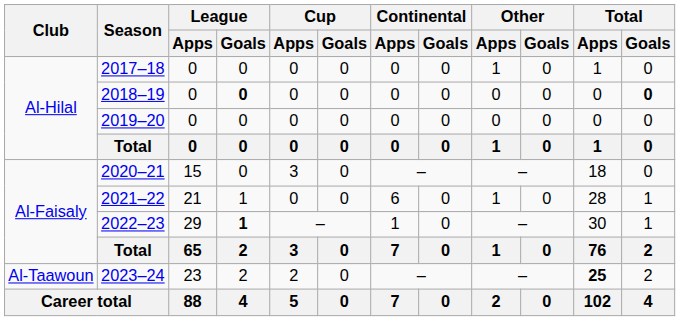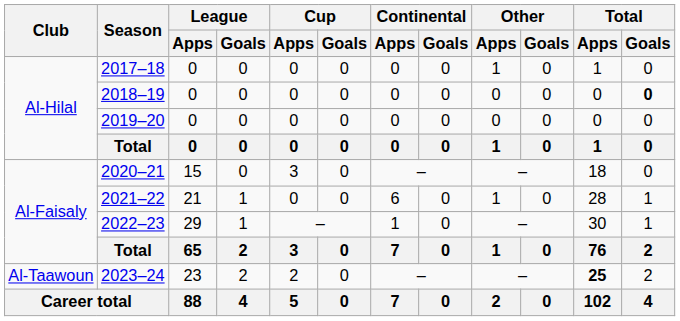 <table class="wikitable" style="text-align: center">
 <tr>
 <th rowspan="2">Club</th>
 <th rowspan="2">Season</th>
 <th colspan="2">League</th>
 <th colspan="2">Cup</th>
 <th colspan="2">Continental</th>
 <th colspan="2">Other</th>
 <th colspan="2">Total</th>
 </tr>
 <tr>
 <th>Apps</th>
 <th>Goals</th>
 <th>Apps</th>
 <th>Goals</th>
 <th>Apps</th>
 <th>Goals</th>
 <th>Apps</th>
 <th>Goals</th>
 <th>Apps</th>
 <th>Goals</th>
 </tr>
 <tr>
 <td rowspan="4"><a href='#'>Al-Hilal</a></td>
 <td><a href='#'>2017–18</a></td>
 <td>0</td>
 <td>0</td>
 <td>0</td>
 <td>0</td>
 <td>0</td>
 <td>0</td>
 <td>1</td>
 <td>0</td>
 <td>1</td>
 <td>0</td>
 </tr>
 <tr>
 <td><a href='#'>2018–19</a></td>
 <td>0</td>
-<td><strong>0</strong></td>
+<td>0</td>
 <td>0</td>
 <td>0</td>
 <td>0</td>
 <td>0</td>
 <td>0</td>
 <td>0</td>
 <td>0</td>
 <td><strong>0</strong></td>
 </tr>
 <tr>
 <td><a href='#'>2019–20</a></td>
 <td>0</td>
 <td>0</td>
 <td>0</td>
 <td>0</td>
 <td>0</td>
 <td>0</td>
 <td>0</td>
 <td>0</td>
 <td>0</td>
 <td>0</td>
 </tr>
 <tr>
 <th colspan=1>Total</th>
 <th>0</th>
 <th>0</th>
 <th>0</th>
 <th>0</th>
 <th>0</th>
 <th>0</th>
 <th>1</th>
 <th>0</th>
 <th>1</th>
 <th>0</th>
 </tr>
 <tr>
 <td rowspan="4"><a href='#'>Al-Faisaly</a></td>
 <td><a href='#'>2020–21</a></td>
 <td>15</td>
 <td>0</td>
 <td>3</td>
 <td>0</td>
 <td colspan="2">–</td>
 <td colspan="2">–</td>
 <td>18</td>
 <td>0</td>
 </tr>
 <tr>
 <td><a href='#'>2021–22</a></td>
 <td>21</td>
 <td>1</td>
 <td>0</td>
 <td>0</td>
 <td>6</td>
 <td>0</td>
 <td>1</td>
 <td>0</td>
 <td>28</td>
 <td>1</td>
 </tr>
 <tr>
 <td><a href='#'>2022–23</a></td>
 <td>29</td>
-<td><strong>1</strong></td>
+<td>1</td>
 <td colspan="2">–</td>
 <td>1</td>
 <td>0</td>
 <td colspan="2">–</td>
 <td>30</td>
 <td>1</td>
 </tr>
 <tr>
 <th colspan=1>Total</th>
 <th>65</th>
 <th>2</th>
 <th>3</th>
 <th>0</th>
 <th>7</th>
 <th>0</th>
 <th>1</th>
 <th>0</th>
 <th>76</th>
 <th>2</th>
 </tr>
 <tr>
 <td rowspan="1"><a href='#'>Al-Taawoun</a></td>
 <td><a href='#'>2023–24</a></td>
 <td>23</td>
 <td>2</td>
 <td>2</td>
 <td>0</td>
 <td colspan="2">–</td>
 <td colspan="2">–</td>
 <td><strong>25</strong></td>
 <td>2</td>
 </tr>
 <tr>
 <th colspan=2>Career total</th>
 <th>88</th>
 <th>4</th>
 <th>5</th>
 <th>0</th>
 <th>7</th>
 <th>0</th>
 <th>2</th>
 <th>0</th>
 <th>102</th>
 <th>4</th>
 </tr>
 </table>
